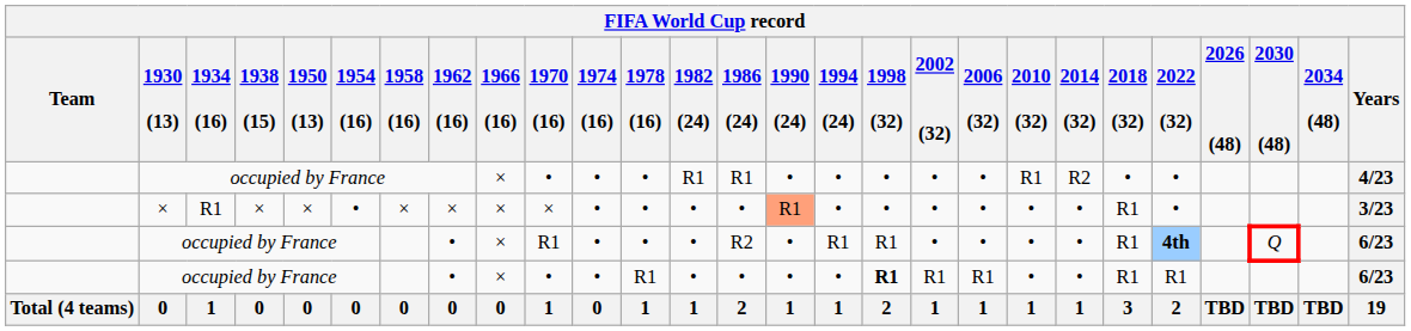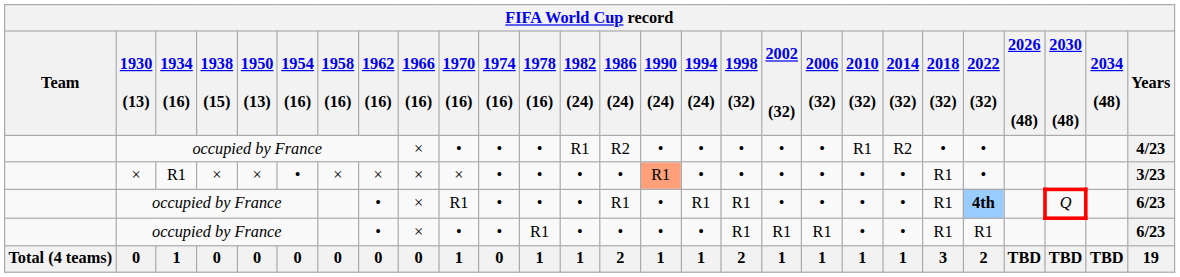 <table class="wikitable" style="text-align:center; font-size:85%;">
 <tr>
 <th colspan=27><a href='#'>FIFA World Cup</a> record</th>
 </tr>
 <tr>
 <th>Team</th>
 <th><a href='#'>1930</a><br><br>(13)</th>
 <th><a href='#'>1934</a><br><br>(16)</th>
 <th><a href='#'>1938</a><br><br>(15)</th>
 <th><a href='#'>1950</a><br><br>(13)</th>
 <th><a href='#'>1954</a><br><br>(16)</th>
 <th><a href='#'>1958</a><br><br>(16)</th>
 <th><a href='#'>1962</a><br><br>(16)</th>
 <th><a href='#'>1966</a><br><br>(16)</th>
 <th><a href='#'>1970</a><br><br>(16)</th>
 <th><a href='#'>1974</a><br><br>(16)</th>
 <th><a href='#'>1978</a><br><br>(16)</th>
 <th><a href='#'>1982</a><br><br>(24)</th>
 <th><a href='#'>1986</a><br><br>(24)</th>
 <th><a href='#'>1990</a><br><br>(24)</th>
 <th><a href='#'>1994</a><br><br>(24)</th>
 <th><a href='#'>1998</a><br><br>(32)</th>
 <th><a href='#'>2002</a><br><br><br>(32)</th>
 <th><a href='#'>2006</a><br><br>(32)</th>
 <th><a href='#'>2010</a><br><br>(32)</th>
 <th><a href='#'>2014</a><br><br>(32)</th>
 <th><a href='#'>2018</a><br><br>(32)</th>
 <th><a href='#'>2022</a><br><br>(32)</th>
 <th><a href='#'>2026</a><br><br><br><br>(48)</th>
 <th><a href='#'>2030</a><br><br><br><br>(48)</th>
 <th><a href='#'>2034</a><br><br>(48)</th>
 <th>Years</th>
 </tr>
 <tr>
 <td id="ALG" style="text-align:left;"></td>
 <td colspan=7><em>occupied by France</em></td>
 <td>×</td>
 <td>•</td>
 <td>•</td>
 <td>•</td>
 <td>R1<br></td>
-<td>R1<br></td>
+<td>R2<br></td>
 <td>•</td>
 <td>•</td>
 <td>•</td>
 <td>•</td>
 <td>•</td>
 <td>R1<br></td>
 <td>R2<br></td>
 <td>•</td>
 <td>•</td>
 <td></td>
 <td></td>
 <td></td>
 <th>4/23</th>
 </tr>
 <tr>
 <td id="EGY" style="text-align:left;"></td>
 <td>×</td>
 <td>R1<br></td>
 <td>×</td>
 <td>×</td>
 <td>•</td>
 <td>×</td>
 <td>×</td>
 <td>×</td>
 <td>×</td>
 <td>•</td>
 <td>•</td>
 <td>•</td>
 <td>•</td>
 <td style="background: lightsalmon;">R1<br></td>
 <td>•</td>
 <td>•</td>
 <td>•</td>
 <td>•</td>
 <td>•</td>
 <td>•</td>
 <td>R1<br></td>
 <td>•</td>
 <td></td>
 <td></td>
 <td></td>
 <th>3/23</th>
 </tr>
 <tr>
 <td id="MAR" style="text-align:left;"></td>
 <td colspan=5><em>occupied by France</em></td>
 <td></td>
 <td>•</td>
 <td>×</td>
 <td>R1<br></td>
 <td>•</td>
 <td>•</td>
 <td>•</td>
-<td>R2<br></td>
+<td>R1<br></td>
 <td>•</td>
 <td>R1<br></td>
 <td>R1<br></td>
 <td>•</td>
 <td>•</td>
 <td>•</td>
 <td>•</td>
 <td>R1<br></td>
 <td bgcolor=#9acdff><strong>4th</strong></td>
 <td></td>
 <td style="border:3px solid red"><em>Q</em></td>
 <td></td>
 <th>6/23</th>
 </tr>
 <tr>
 <td id="TUN" style="text-align:left;"></td>
 <td colspan=5><em>occupied by France</em></td>
 <td></td>
 <td>•</td>
 <td>×</td>
 <td>•</td>
 <td>•</td>
 <td>R1<br></td>
 <td>•</td>
 <td>•</td>
 <td>•</td>
 <td>•</td>
-<td><strong>R1<br></strong></td>
+<td>R1<br></td>
 <td>R1<br></td>
 <td>R1<br></td>
 <td>•</td>
 <td>•</td>
 <td>R1<br></td>
 <td>R1<br></td>
 <td></td>
 <td></td>
 <td></td>
 <th>6/23</th>
 </tr>
 <tr>
 <th align=left>Total (4 teams)</th>
 <th>0</th>
 <th>1</th>
 <th>0</th>
 <th>0</th>
 <th>0</th>
 <th>0</th>
 <th>0</th>
 <th>0</th>
 <th>1</th>
 <th>0</th>
 <th>1</th>
 <th>1</th>
 <th>2</th>
 <th>1</th>
 <th>1</th>
 <th>2</th>
 <th>1</th>
 <th>1</th>
 <th>1</th>
 <th>1</th>
 <th>3</th>
 <th>2</th>
 <th>TBD</th>
 <th>TBD</th>
 <th>TBD</th>
 <th>19</th>
 </tr>
 </table>
